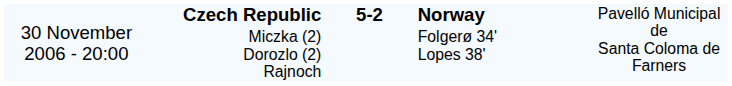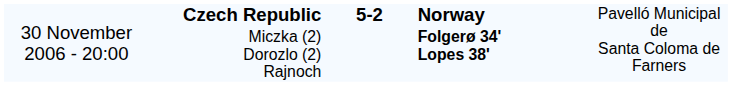 <table style="width: 100%; background:#F5FAFF;" cellspacing="0">
 <tr>
 <td align=center rowspan=3 width=20%>30 November 2006 - 20:00</td>
 </tr>
 <tr>
 <td width=24% align=right><strong>Czech Republic</strong> </td>
 <td align=center width=13%><strong>5-2</strong></td>
 <td width=24%> <strong>Norway</strong></td>
 <td style=font-size:85% rowspan=3 valign=top align=center>Pavelló Municipal de <br>Santa Coloma de Farners</td>
 </tr>
 <tr style=font-size:85%>
 <td align=right valign=top>Miczka (2)<br>Dorozlo (2)<br>Rajnoch</td>
 <td></td>
-<td valign=top>Folgerø 34'<br>Lopes 38'</td>
+<td valign=top><strong>Folgerø 34'<br>Lopes 38'</strong></td>
 </tr>
 </table>
